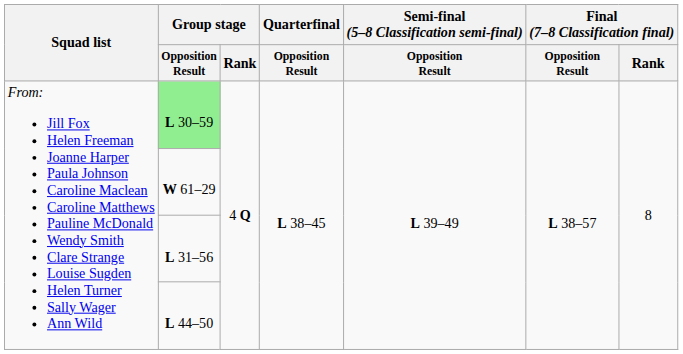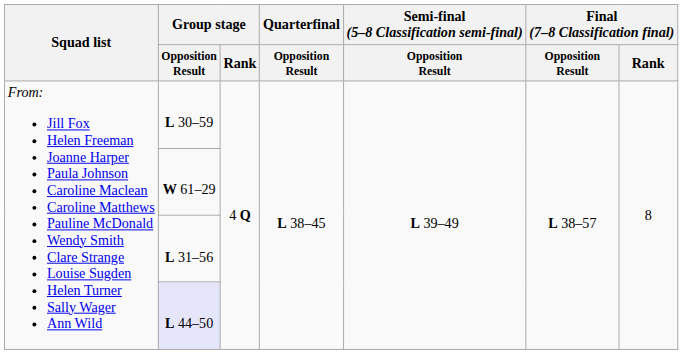 <table class=wikitable style="font-size:90%">
 <tr>
 <th rowspan="2">Squad list</th>
 <th colspan="2">Group stage</th>
 <th>Quarterfinal</th>
 <th>Semi-final<br><em>(5–8 Classification semi-final)</em></th>
 <th colspan="2">Final<br><em>(7–8 Classification final)</em></th>
 </tr>
 <tr>
 <th style="line-height:1em"><small>Opposition<br>Result</small></th>
 <th>Rank</th>
 <th style="line-height:1em"><small>Opposition<br>Result</small></th>
 <th style="line-height:1em"><small>Opposition<br>Result</small></th>
 <th style="line-height:1em"><small>Opposition<br>Result</small></th>
 <th>Rank</th>
 </tr>
 <tr>
 <td rowspan="4"><em>From:</em><br><ul><li><a href='#'>Jill Fox</a></li><li><a href='#'>Helen Freeman</a></li><li><a href='#'>Joanne Harper</a></li><li><a href='#'>Paula Johnson</a></li><li><a href='#'>Caroline Maclean</a></li><li><a href='#'>Caroline Matthews</a></li><li><a href='#'>Pauline McDonald</a></li><li><a href='#'>Wendy Smith</a></li><li><a href='#'>Clare Strange</a></li><li><a href='#'>Louise Sugden</a></li><li><a href='#'>Helen Turner</a></li><li><a href='#'>Sally Wager</a></li><li><a href='#'>Ann Wild</a></li></ul></td>
-<td align="center" style="background: lightgreen;"><br> <strong>L</strong> 30–59</td>
+<td align="center"><br> <strong>L</strong> 30–59</td>
 <td rowspan="4" align="center">4 <strong>Q</strong></td>
 <td rowspan="4" align="center"> <br> <strong>L</strong> 38–45</td>
 <td rowspan="4" align="center"><em></em> <br> <strong>L</strong> 39–49</td>
 <td rowspan="4" align="center"><em></em> <br> <strong>L</strong> 38–57</td>
 <td rowspan="4" align="center">8</td>
 </tr>
 <tr>
 <td align="center"><br><strong>W</strong> 61–29</td>
 </tr>
 <tr>
 <td align="center"><br> <strong>L</strong> 31–56</td>
 </tr>
 <tr>
-<td align="center"><br> <strong>L</strong> 44–50</td>
+<td align="center" style="background: lavender;"><br> <strong>L</strong> 44–50</td>
 </tr>
 </table>
